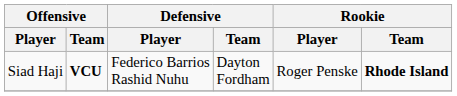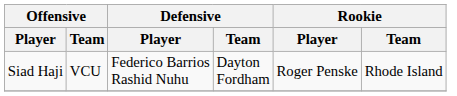 <table class="wikitable">
 <tr>
 <th colspan="2">Offensive</th>
 <th colspan="2">Defensive</th>
 <th colspan="2">Rookie</th>
 </tr>
 <tr>
 <th>Player</th>
 <th>Team</th>
 <th>Player</th>
 <th>Team</th>
 <th>Player</th>
 <th>Team</th>
 </tr>
 <tr>
 <td>Siad Haji</td>
-<td><strong>VCU</strong></td>
+<td>VCU</td>
 <td>Federico Barrios<br>Rashid Nuhu</td>
 <td>Dayton<br>Fordham</td>
 <td>Roger Penske</td>
-<td><strong>Rhode Island</strong></td>
+<td>Rhode Island</td>
 </tr>
 <tr>
 </tr>
 </table>
